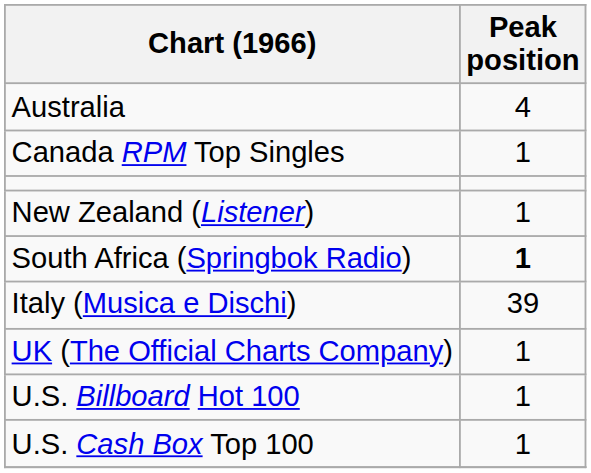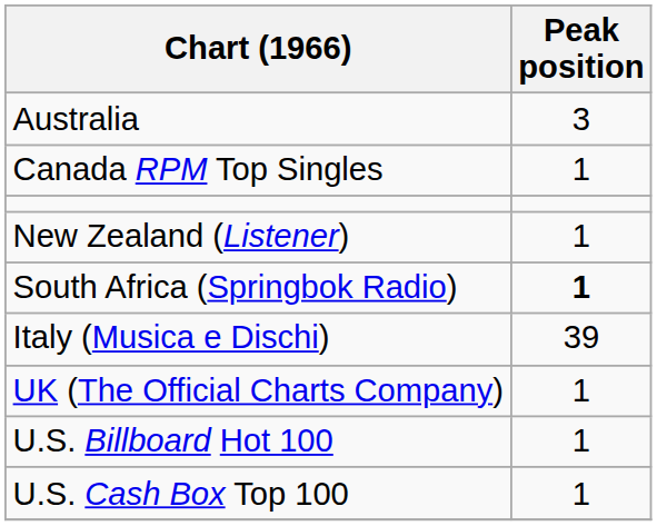 <table class="wikitable sortable">
 <tr>
 <th align="left">Chart (1966)</th>
 <th align="left">Peak<br>position</th>
 </tr>
 <tr>
 <td>Australia</td>
-<td style="text-align:center;">4</td>
+<td style="text-align:center;">3</td>
 </tr>
 <tr>
 <td>Canada <em><a href='#'>RPM</a></em> Top Singles</td>
 <td style="text-align:center;">1</td>
 </tr>
 <tr>
 <td></td>
 </tr>
 <tr>
 <td>New Zealand (<em><a href='#'>Listener</a></em>)</td>
 <td style="text-align:center;">1</td>
 </tr>
 <tr>
 <td>South Africa (<a href='#'>Springbok Radio</a>)</td>
 <td align="center"><strong>1</strong></td>
 </tr>
 <tr>
 <td>Italy (<a href='#'>Musica e Dischi</a>)</td>
 <td style="text-align:center;">39</td>
 </tr>
 <tr>
 <td><a href='#'>UK</a> (<a href='#'>The Official Charts Company</a>)</td>
 <td style="text-align:center;">1</td>
 </tr>
 <tr>
 <td>U.S. <em><a href='#'>Billboard</a></em> <a href='#'>Hot 100</a></td>
 <td style="text-align:center;">1</td>
 </tr>
 <tr>
 <td>U.S. <em><a href='#'>Cash Box</a></em> Top 100 </td>
 <td style="text-align:center;">1</td>
 </tr>
 <tr>
 </tr>
 </table>
